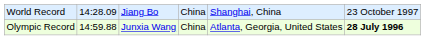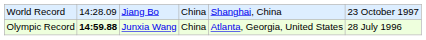 <table class="wikitable">
 <tr bgcolor = "ddeeff">
 <td>World Record</td>
 <td>14:28.09</td>
 <td><a href='#'>Jiang Bo</a></td>
 <td>China</td>
 <td><a href='#'>Shanghai</a>, China</td>
 <td>23 October 1997</td>
 </tr>
 <tr bgcolor = "eeffdd">
 <td>Olympic Record</td>
-<td>14:59.88</td>
+<td><strong>14:59.88</strong></td>
 <td><a href='#'>Junxia Wang</a></td>
 <td>China</td>
 <td><a href='#'>Atlanta</a>, Georgia, United States</td>
-<td><strong>28 July 1996</strong></td>
+<td>28 July 1996</td>
 </tr>
 </table>
